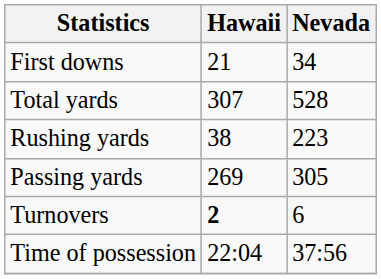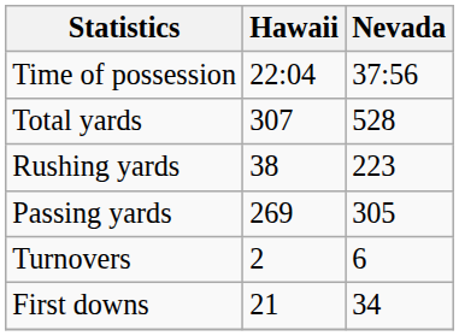 <table class="wikitable">
 <tr>
 <th>Statistics</th>
 <th>Hawaii</th>
 <th>Nevada</th>
 </tr>
 <tr>
-<td>First downs</td>
-<td>21</td>
-<td>34</td>
+<td>Time of possession</td>
+<td>22:04</td>
+<td>37:56</td>
 </tr>
 <tr>
 <td>Total yards</td>
 <td>307</td>
 <td>528</td>
 </tr>
 <tr>
 <td>Rushing yards</td>
 <td>38</td>
 <td>223</td>
 </tr>
 <tr>
 <td>Passing yards</td>
 <td>269</td>
 <td>305</td>
 </tr>
 <tr>
 <td>Turnovers</td>
-<td><strong>2</strong></td>
+<td>2</td>
 <td>6</td>
 </tr>
 <tr>
-<td>Time of possession</td>
-<td>22:04</td>
-<td>37:56</td>
+<td>First downs</td>
+<td>21</td>
+<td>34</td>
 </tr>
 <tr>
 </tr>
 </table>
